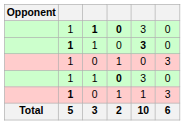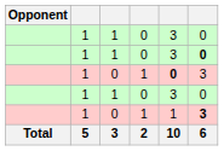 <table class="wikitable sortable" style="text-align: center;">
 <tr>
 <th width="30">Opponent</th>
 <th width=30></th>
 <th width=30></th>
 <th width=30></th>
 <th width=30></th>
 <th width=30></th>
 </tr>
 <tr bgcolor=#CCFFCC>
 <td align="left"></td>
 <td>1</td>
-<td><strong>1</strong></td>
-<td><strong>0</strong></td>
+<td>1</td>
+<td>0</td>
 <td>3</td>
 <td>0</td>
 </tr>
 <tr bgcolor=#CCFFCC>
 <td align="left"></td>
-<td><strong>1</strong></td>
+<td>1</td>
 <td>1</td>
 <td>0</td>
-<td><strong>3</strong></td>
+<td>3</td>
+<td><strong>0</strong></td>
+</tr>
+<tr bgcolor=#FFCCCC>
+<td align="left"></td>
+<td>1</td>
+<td>0</td>
+<td>1</td>
+<td><strong>0</strong></td>
+<td>3</td>
+</tr>
+<tr bgcolor=#CCFFCC>
+<td align="left"></td>
+<td>1</td>
+<td>1</td>
+<td>0</td>
+<td>3</td>
 <td>0</td>
 </tr>
 <tr bgcolor=#FFCCCC>
 <td align="left"></td>
 <td>1</td>
 <td>0</td>
 <td>1</td>
-<td>0</td>
-<td>3</td>
-</tr>
-<tr bgcolor=#CCFFCC>
-<td align="left"></td>
 <td>1</td>
-<td>1</td>
-<td><strong>0</strong></td>
-<td>3</td>
-<td>0</td>
-</tr>
-<tr bgcolor=#FFCCCC>
-<td align="left"></td>
-<td><strong>1</strong></td>
-<td>0</td>
-<td>1</td>
-<td>1</td>
-<td>3</td>
+<td><strong>3</strong></td>
 </tr>
 <tr>
 <th>Total</th>
 <th>5</th>
 <th>3</th>
 <th>2</th>
 <th>10</th>
 <th>6</th>
 </tr>
 </table>
